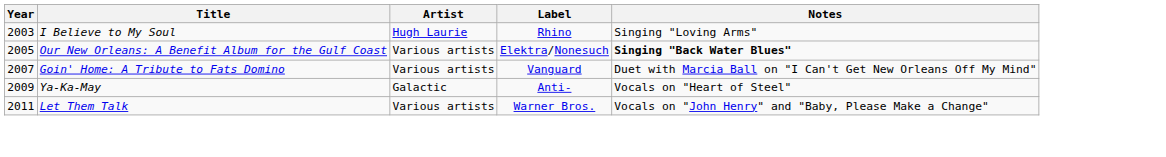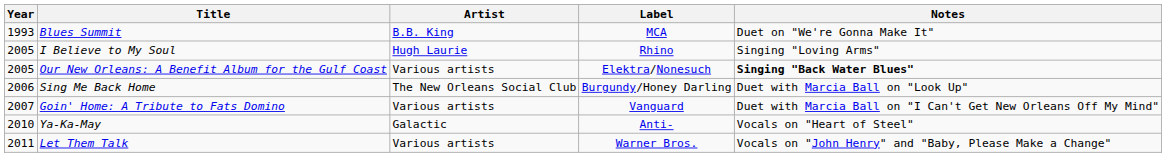 <table class="wikitable sortable">
 <tr>
 <th>Year</th>
 <th>Title</th>
 <th>Artist</th>
 <th>Label</th>
 <th>Notes</th>
 </tr>
 <tr>
-<td>2003</td>
+<td>1993</td>
+<td><em><a href='#'>Blues Summit</a></em></td>
+<td><a href='#'>B.B. King</a></td>
+<td style="text-align:center;"><a href='#'>MCA</a></td>
+<td>Duet on "We're Gonna Make It"</td>
+</tr>
+<tr>
+<td>2005</td>
 <td><em>I Believe to My Soul</em></td>
 <td><a href='#'>Hugh Laurie</a></td>
 <td style="text-align:center;"><a href='#'>Rhino</a></td>
 <td>Singing "Loving Arms"</td>
 </tr>
 <tr>
 <td>2005</td>
 <td><em><a href='#'>Our New Orleans: A Benefit Album for the Gulf Coast</a></em></td>
 <td>Various artists</td>
 <td style="text-align:center;"><a href='#'>Elektra</a>/<a href='#'>Nonesuch</a></td>
 <td><strong>Singing "Back Water Blues"</strong></td>
 </tr>
 <tr>
+<td>2006</td>
+<td><em>Sing Me Back Home</em></td>
+<td>The New Orleans Social Club</td>
+<td style="text-align:center;"><a href='#'>Burgundy</a>/Honey Darling</td>
+<td>Duet with <a href='#'>Marcia Ball</a> on "Look Up"</td>
+</tr>
+<tr>
 <td>2007</td>
 <td><em><a href='#'>Goin' Home: A Tribute to Fats Domino</a></em></td>
 <td>Various artists</td>
 <td style="text-align:center;"><a href='#'>Vanguard</a></td>
 <td>Duet with <a href='#'>Marcia Ball</a> on "I Can't Get New Orleans Off My Mind"</td>
 </tr>
 <tr>
-<td>2009</td>
+<td>2010</td>
 <td><em>Ya-Ka-May</em></td>
 <td>Galactic</td>
 <td style="text-align:center;"><a href='#'>Anti-</a></td>
 <td>Vocals on "Heart of Steel"</td>
 </tr>
 <tr>
 <td>2011</td>
 <td><em><a href='#'>Let Them Talk</a></em></td>
 <td>Various artists</td>
 <td style="text-align:center;"><a href='#'>Warner Bros.</a></td>
 <td>Vocals on "<a href='#'>John Henry</a>" and "Baby, Please Make a Change"</td>
 </tr>
 </table>
